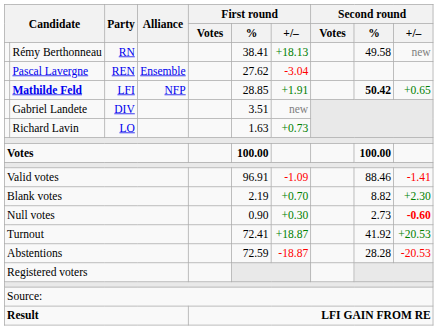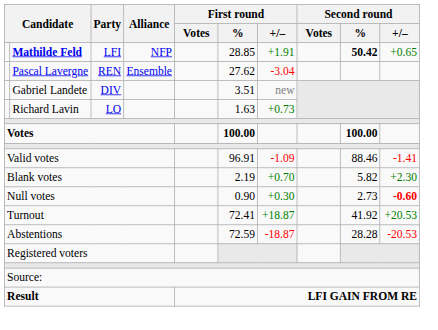 <table class="wikitable" style="text-align:right;font-size:95%;">
 <tr>
 <th rowspan="2" colspan="2">Candidate</th>
 <th colspan="1" rowspan="2">Party</th>
 <th colspan="1" rowspan="2">Alliance</th>
 <th colspan="3">First round</th>
 <th colspan="3">Second round</th>
 </tr>
 <tr>
 <th style="width:50px;">Votes</th>
 <th style="width:45px;">%</th>
 <th style="width:45px;">+/–</th>
 <th style="width:50px;">Votes</th>
 <th style="width:45px;">%</th>
 <th style="width:45px;">+/–</th>
 </tr>
 <tr>
 <td style="color:inherit;background:"></td>
-<td style="text-align:left;">Rémy Berthonneau</td>
-<td><a href='#'>RN</a></td>
+<td style="text-align:left;"><strong><a href='#'>Mathilde Feld</a></strong></td>
+<td><a href='#'>LFI</a></td>
+<td><a href='#'>NFP</a></td>
 <td></td>
-<td></td>
-<td>38.41</td>
-<td style="color:green;">+18.13</td>
-<td></td>
-<td>49.58</td>
-<td style="color:grey;">new</td>
+<td>28.85</td>
+<td style="color:green;">+1.91</td>
+<td><strong></strong></td>
+<td><strong>50.42</strong></td>
+<td style="color:green;">+0.65</td>
 </tr>
 <tr>
 <td style="color:inherit;background:"></td>
 <td style="text-align:left;"><a href='#'>Pascal Lavergne</a></td>
 <td><a href='#'>REN</a></td>
 <td><a href='#'>Ensemble</a></td>
 <td></td>
 <td>27.62</td>
 <td style="color:red;">-3.04</td>
 <td></td>
 <td></td>
 <td style="color:grey;"></td>
-</tr>
-<tr>
-<td style="color:inherit;background:"></td>
-<td style="text-align:left;"><strong><a href='#'>Mathilde Feld</a></strong></td>
-<td><a href='#'>LFI</a></td>
-<td><a href='#'>NFP</a></td>
-<td></td>
-<td>28.85</td>
-<td style="color:green;">+1.91</td>
-<td><strong></strong></td>
-<td><strong>50.42</strong></td>
-<td style="color:green;">+0.65</td>
 </tr>
 <tr>
 <td style="color:inherit;background:"></td>
 <td style="text-align:left;">Gabriel Landete</td>
 <td><a href='#'>DIV</a></td>
 <td></td>
 <td></td>
 <td>3.51</td>
 <td style="color:grey;">new</td>
 <td colspan="3" rowspan="2" style="background:#E9E9E9;"></td>
 </tr>
 <tr>
 <td style="color:inherit;background:"></td>
 <td style="text-align:left;">Richard Lavin</td>
 <td><a href='#'>LO</a></td>
 <td></td>
 <td></td>
 <td>1.63</td>
 <td style="color:green;">+0.73</td>
 </tr>
 <tr>
 <td colspan="10" style="background:#E9E9E9;"></td>
 </tr>
 <tr style="font-weight:bold;">
 <td colspan="4" style="text-align:left;">Votes</td>
 <td></td>
 <td>100.00</td>
 <td></td>
 <td></td>
 <td>100.00</td>
 <td></td>
 </tr>
 <tr>
 <td colspan="10" style="background:#E9E9E9;"></td>
 </tr>
 <tr>
 <td colspan="4" style="text-align:left;">Valid votes</td>
 <td></td>
 <td>96.91</td>
 <td style="color:red;">-1.09</td>
 <td></td>
 <td>88.46</td>
 <td style="color:red;">-1.41</td>
 </tr>
 <tr>
 <td colspan="4" style="text-align:left;">Blank votes</td>
 <td></td>
 <td>2.19</td>
 <td style="color:green;">+0.70</td>
 <td></td>
-<td>8.82</td>
+<td>5.82</td>
 <td style="color:green;">+2.30</td>
 </tr>
 <tr>
 <td colspan="4" style="text-align:left;">Null votes</td>
 <td></td>
 <td>0.90</td>
 <td style="color:green;">+0.30</td>
 <td></td>
 <td>2.73</td>
 <td style="color:red;"><strong>-0.60</strong></td>
 </tr>
 <tr>
 <td colspan="4" style="text-align:left;">Turnout</td>
 <td></td>
 <td>72.41</td>
 <td style="color:green;">+18.87</td>
 <td></td>
 <td>41.92</td>
 <td style="color:green;">+20.53</td>
 </tr>
 <tr>
 <td colspan="4" style="text-align:left;">Abstentions</td>
 <td></td>
 <td>72.59</td>
 <td style="color:red;">-18.87</td>
 <td></td>
 <td>28.28</td>
 <td style="color:red;">-20.53</td>
 </tr>
 <tr>
 <td colspan="4" style="text-align:left;">Registered voters</td>
 <td></td>
 <td colspan="2" style="background:#E9E9E9;"></td>
 <td></td>
 <td colspan="2" style="background:#E9E9E9;"></td>
 </tr>
 <tr>
 <td colspan="10" style="background:#E9E9E9;"></td>
 </tr>
 <tr>
 <td colspan="10" style="text-align:left;">Source: </td>
 </tr>
 <tr style="font-weight:bold">
 <td colspan="4" style="text-align:left;">Result</td>
 <td colspan="6" style="background-color:">LFI GAIN FROM RE</td>
 </tr>
 </table>
